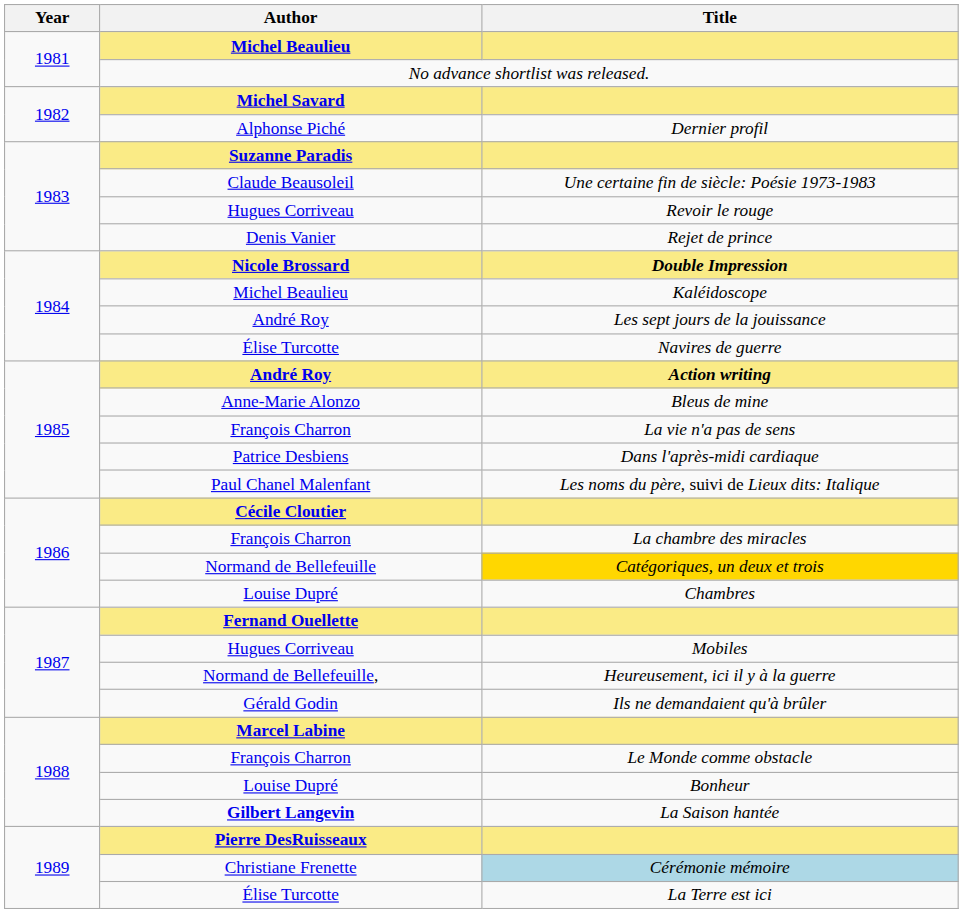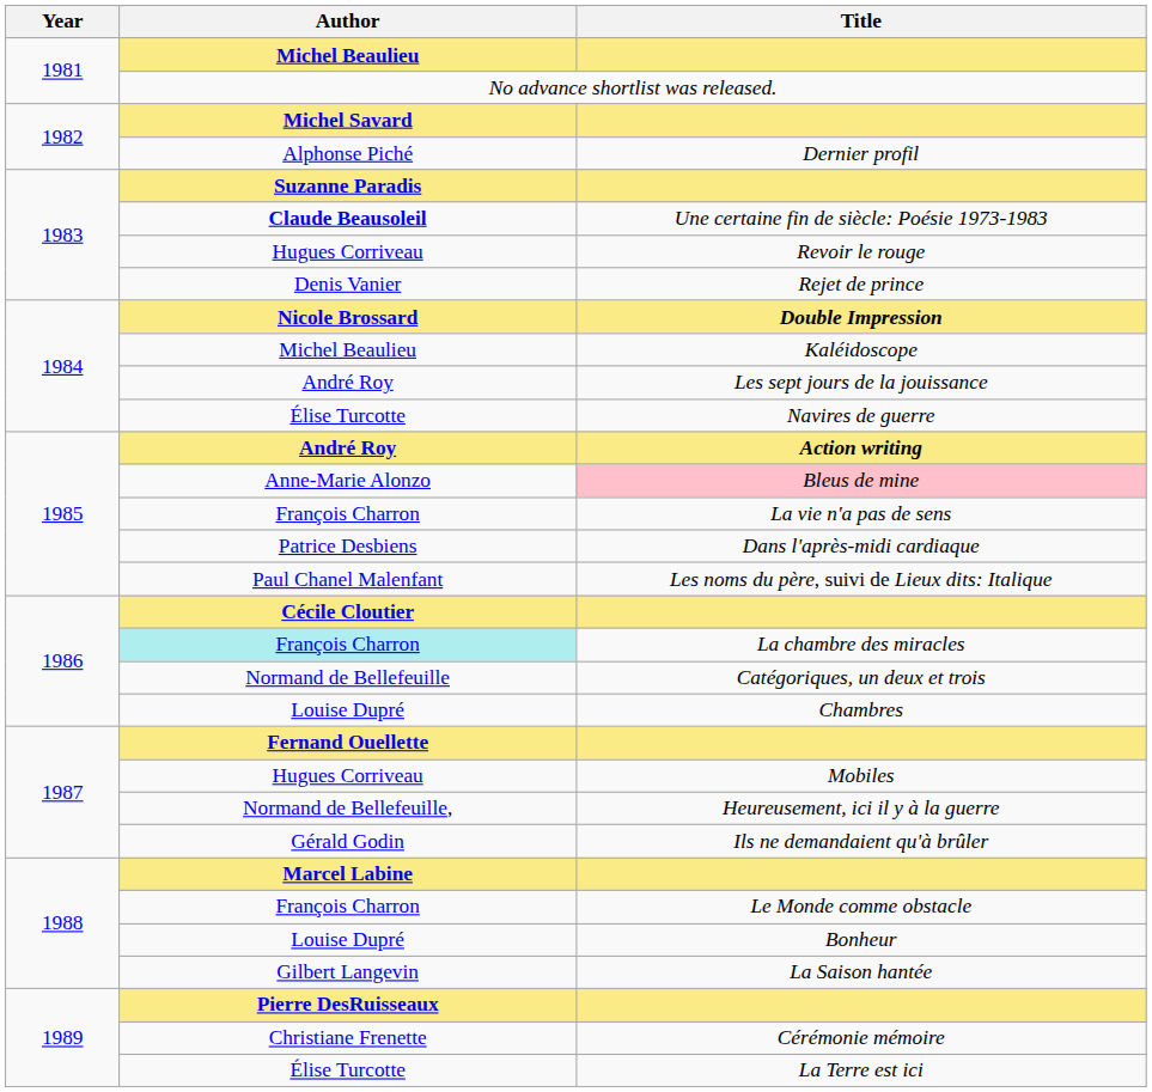 <table class="wikitable" width="100%">
 <tr>
 <th>Year</th>
 <th width="40%">Author</th>
 <th width="50%">Title</th>
 </tr>
 <tr>
 <td align="center" rowspan="2"><a href='#'>1981</a></td>
 <td align="center" style="background:#FAEB86"><strong><a href='#'>Michel Beaulieu</a></strong></td>
 <td align="center" style="background:#FAEB86"><strong><em></em></strong></td>
 </tr>
 <tr>
 <td align="center" colspan=2><em>No advance shortlist was released.</em></td>
 </tr>
 <tr>
 <td align="center" rowspan="2"><a href='#'>1982</a></td>
 <td align="center" style="background:#FAEB86"><strong><a href='#'>Michel Savard</a></strong></td>
 <td align="center" style="background:#FAEB86"><strong><em></em></strong></td>
 </tr>
 <tr>
 <td align="center"><a href='#'>Alphonse Piché</a></td>
 <td align="center"><em>Dernier profil</em></td>
 </tr>
 <tr>
 <td align="center" rowspan="4"><a href='#'>1983</a></td>
 <td align="center" style="background:#FAEB86"><strong><a href='#'>Suzanne Paradis</a></strong></td>
 <td align="center" style="background:#FAEB86"><strong><em></em></strong></td>
 </tr>
 <tr>
-<td align="center"><a href='#'>Claude Beausoleil</a></td>
+<td align="center"><strong><a href='#'>Claude Beausoleil</a></strong></td>
 <td align="center"><em>Une certaine fin de siècle: Poésie 1973-1983</em></td>
 </tr>
 <tr>
 <td align="center"><a href='#'>Hugues Corriveau</a></td>
 <td align="center"><em>Revoir le rouge</em></td>
 </tr>
 <tr>
 <td align="center"><a href='#'>Denis Vanier</a></td>
 <td align="center"><em>Rejet de prince</em></td>
 </tr>
 <tr>
 <td align="center" rowspan="4"><a href='#'>1984</a></td>
 <td align="center" style="background:#FAEB86"><strong><a href='#'>Nicole Brossard</a></strong></td>
 <td align="center" style="background:#FAEB86"><strong><em>Double Impression</em></strong></td>
 </tr>
 <tr>
 <td align="center"><a href='#'>Michel Beaulieu</a></td>
 <td align="center"><em>Kaléidoscope</em></td>
 </tr>
 <tr>
 <td align="center"><a href='#'>André Roy</a></td>
 <td align="center"><em>Les sept jours de la jouissance</em></td>
 </tr>
 <tr>
 <td align="center"><a href='#'>Élise Turcotte</a></td>
 <td align="center"><em>Navires de guerre</em></td>
 </tr>
 <tr>
 <td align="center" rowspan="5"><a href='#'>1985</a></td>
 <td align="center" style="background:#FAEB86"><strong><a href='#'>André Roy</a></strong></td>
 <td align="center" style="background:#FAEB86"><strong><em>Action writing</em></strong></td>
 </tr>
 <tr>
 <td align="center"><a href='#'>Anne-Marie Alonzo</a></td>
-<td align="center"><em>Bleus de mine</em></td>
+<td align="center" style="background: pink;"><em>Bleus de mine</em></td>
 </tr>
 <tr>
 <td align="center"><a href='#'>François Charron</a></td>
 <td align="center"><em>La vie n'a pas de sens</em></td>
 </tr>
 <tr>
 <td align="center"><a href='#'>Patrice Desbiens</a></td>
 <td align="center"><em>Dans l'après-midi cardiaque</em></td>
 </tr>
 <tr>
 <td align="center"><a href='#'>Paul Chanel Malenfant</a></td>
 <td align="center"><em>Les noms du père</em>, suivi de <em>Lieux dits: Italique</em></td>
 </tr>
 <tr>
 <td align="center" rowspan="4"><a href='#'>1986</a></td>
 <td align="center" style="background:#FAEB86"><strong><a href='#'>Cécile Cloutier</a></strong></td>
 <td align="center" style="background:#FAEB86"><strong><em></em></strong></td>
 </tr>
 <tr>
-<td align="center"><a href='#'>François Charron</a></td>
+<td align="center" style="background: paleturquoise;"><a href='#'>François Charron</a></td>
 <td align="center"><em>La chambre des miracles</em></td>
 </tr>
 <tr>
 <td align="center"><a href='#'>Normand de Bellefeuille</a></td>
-<td align="center" style="background: gold;"><em>Catégoriques, un deux et trois</em></td>
+<td align="center"><em>Catégoriques, un deux et trois</em></td>
 </tr>
 <tr>
 <td align="center"><a href='#'>Louise Dupré</a></td>
 <td align="center"><em>Chambres</em></td>
 </tr>
 <tr>
 <td align="center" rowspan="4"><a href='#'>1987</a></td>
 <td align="center" style="background:#FAEB86"><strong><a href='#'>Fernand Ouellette</a></strong></td>
 <td align="center" style="background:#FAEB86"><strong><em></em></strong></td>
 </tr>
 <tr>
 <td align="center"><a href='#'>Hugues Corriveau</a></td>
 <td align="center"><em>Mobiles</em></td>
 </tr>
 <tr>
 <td align="center"><a href='#'>Normand de Bellefeuille</a>,</td>
 <td align="center"><em>Heureusement, ici il y à la guerre</em></td>
 </tr>
 <tr>
 <td align="center"><a href='#'>Gérald Godin</a></td>
 <td align="center"><em>Ils ne demandaient qu'à brûler</em></td>
 </tr>
 <tr>
 <td align="center" rowspan="4"><a href='#'>1988</a></td>
 <td align="center" style="background:#FAEB86"><strong><a href='#'>Marcel Labine</a></strong></td>
 <td align="center" style="background:#FAEB86"><strong><em></em></strong></td>
 </tr>
 <tr>
 <td align="center"><a href='#'>François Charron</a></td>
 <td align="center"><em>Le Monde comme obstacle</em></td>
 </tr>
 <tr>
 <td align="center"><a href='#'>Louise Dupré</a></td>
 <td align="center"><em>Bonheur</em></td>
 </tr>
 <tr>
-<td align="center"><strong><a href='#'>Gilbert Langevin</a></strong></td>
+<td align="center"><a href='#'>Gilbert Langevin</a></td>
 <td align="center"><em>La Saison hantée</em></td>
 </tr>
 <tr>
 <td align="center" rowspan="3"><a href='#'>1989</a></td>
 <td align="center" style="background:#FAEB86"><strong><a href='#'>Pierre DesRuisseaux</a></strong></td>
 <td align="center" style="background:#FAEB86"><strong><em></em></strong></td>
 </tr>
 <tr>
 <td align="center"><a href='#'>Christiane Frenette</a></td>
-<td align="center" style="background: lightblue;"><em>Cérémonie mémoire</em></td>
+<td align="center"><em>Cérémonie mémoire</em></td>
 </tr>
 <tr>
 <td align="center"><a href='#'>Élise Turcotte</a></td>
 <td align="center"><em>La Terre est ici</em></td>
 </tr>
 </table>
